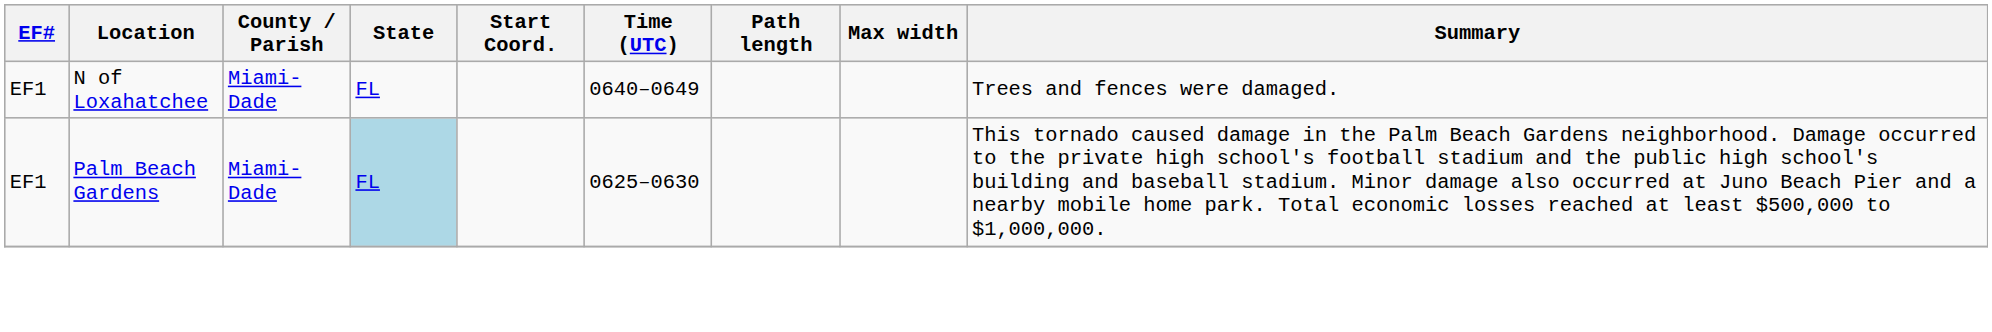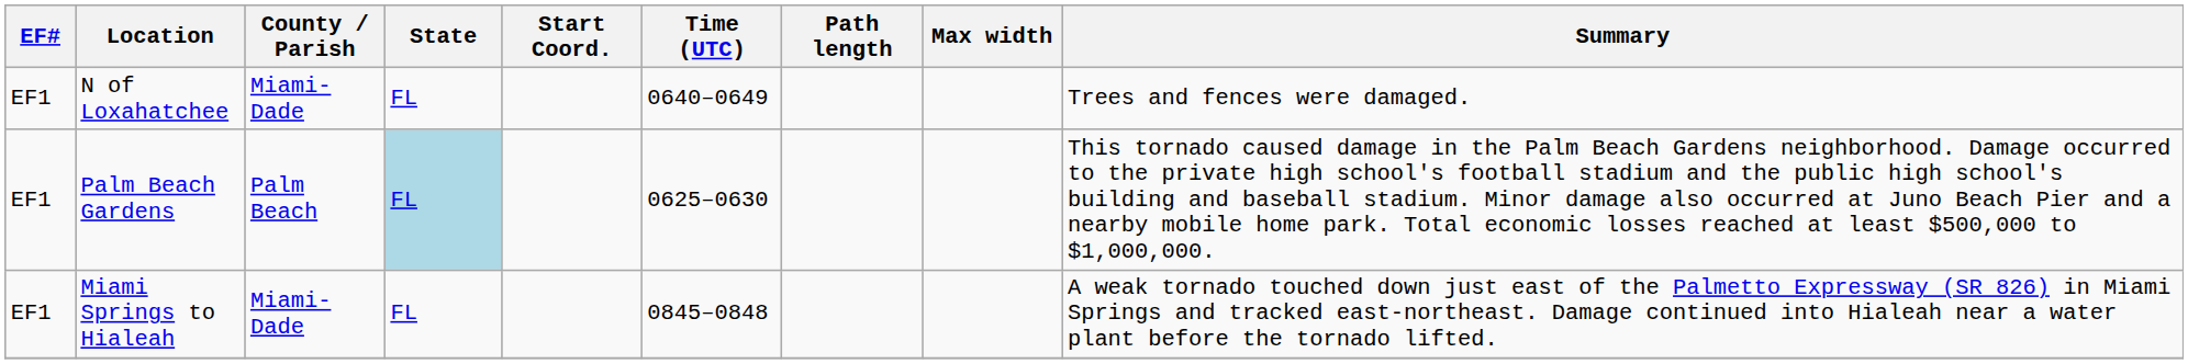 <table class="wikitable sortable" style="width:100%;">
 <tr>
 <th scope="col"  style="width:3%; text-align:center;"><a href='#'>EF#</a></th>
 <th scope="col"  style="width:7%; text-align:center;" class="unsortable">Location</th>
 <th scope="col"  style="width:6%; text-align:center;" class="unsortable">County / Parish</th>
 <th scope="col"  style="width:5%; text-align:center;">State</th>
 <th scope="col"  style="width:6%; text-align:center;">Start Coord.</th>
 <th scope="col"  style="width:6%; text-align:center;">Time (<a href='#'>UTC</a>)</th>
 <th scope="col"  style="width:6%; text-align:center;">Path length</th>
 <th scope="col"  style="width:6%; text-align:center;">Max width</th>
 <th scope="col" class="unsortable" style="width:48%; text-align:center;">Summary</th>
 </tr>
 <tr>
 <td>EF1</td>
 <td>N of <a href='#'>Loxahatchee</a></td>
 <td><a href='#'>Miami-Dade</a></td>
 <td><a href='#'>FL</a></td>
 <td></td>
 <td>0640–0649</td>
 <td></td>
 <td></td>
 <td>Trees and fences were damaged.</td>
 </tr>
 <tr>
 <td>EF1</td>
 <td><a href='#'>Palm Beach Gardens</a></td>
-<td><a href='#'>Miami-Dade</a></td>
+<td><a href='#'>Palm Beach</a></td>
 <td style="background: lightblue;"><a href='#'>FL</a></td>
 <td></td>
 <td>0625–0630</td>
 <td></td>
 <td></td>
 <td>This tornado caused damage in the Palm Beach Gardens neighborhood. Damage occurred to the private high school's football stadium and the public high school's building and baseball stadium. Minor damage also occurred at Juno Beach Pier and a nearby mobile home park. Total economic losses reached at least $500,000 to $1,000,000.</td>
 </tr>
 <tr>
+<td>EF1</td>
+<td><a href='#'>Miami Springs</a> to <a href='#'>Hialeah</a></td>
+<td><a href='#'>Miami-Dade</a></td>
+<td><a href='#'>FL</a></td>
+<td></td>
+<td>0845–0848</td>
+<td></td>
+<td></td>
+<td>A weak tornado touched down just east of the <a href='#'>Palmetto Expressway (SR 826)</a> in Miami Springs and tracked east-northeast. Damage continued into Hialeah near a water plant before the tornado lifted.</td>
+</tr>
+<tr>
 </tr>
 </table>
